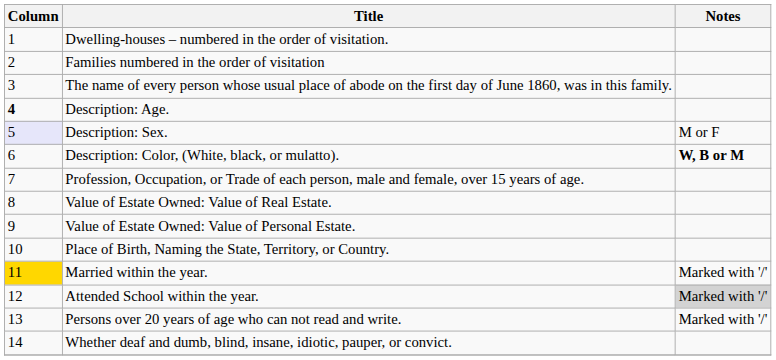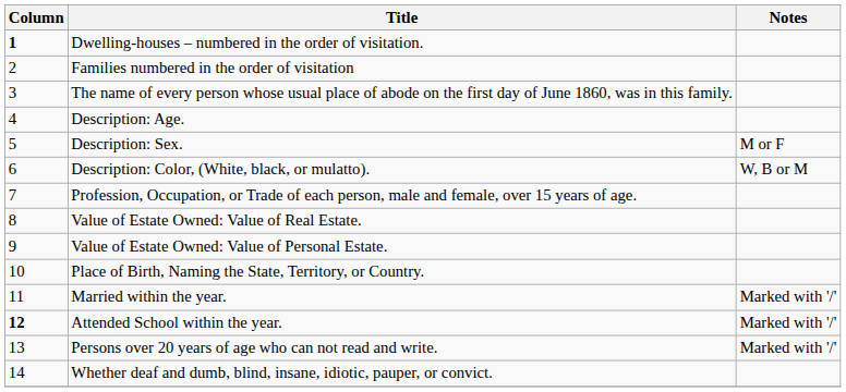 <table border="1" class="wikitable">
 <tr>
 <th>Column</th>
 <th>Title</th>
 <th>Notes</th>
 </tr>
 <tr>
-<td>1</td>
+<td><strong>1</strong></td>
 <td>Dwelling-houses – numbered in the order of visitation.</td>
 <td></td>
 </tr>
 <tr>
 <td>2</td>
 <td>Families numbered in the order of visitation</td>
 <td></td>
 </tr>
 <tr>
 <td>3</td>
 <td>The name of every person whose usual place of abode on the first day of June 1860, was in this family.</td>
 <td></td>
 </tr>
 <tr>
-<td><strong>4</strong></td>
+<td>4</td>
 <td>Description: Age.</td>
 <td></td>
 </tr>
 <tr>
-<td style="background: lavender;">5</td>
+<td>5</td>
 <td>Description: Sex.</td>
 <td>M or F</td>
 </tr>
 <tr>
 <td>6</td>
 <td>Description: Color, (White, black, or mulatto).</td>
-<td><strong>W, B or M</strong></td>
+<td>W, B or M</td>
 </tr>
 <tr>
 <td>7</td>
 <td>Profession, Occupation, or Trade of each person, male and female, over 15 years of age.</td>
 <td></td>
 </tr>
 <tr>
 <td>8</td>
 <td>Value of Estate Owned: Value of Real Estate.</td>
 <td></td>
 </tr>
 <tr>
 <td>9</td>
 <td>Value of Estate Owned: Value of Personal Estate.</td>
 <td></td>
 </tr>
 <tr>
 <td>10</td>
 <td>Place of Birth, Naming the State, Territory, or Country.</td>
 <td></td>
 </tr>
 <tr>
-<td style="background: gold;">11</td>
+<td>11</td>
 <td>Married within the year.</td>
 <td>Marked with '/'</td>
 </tr>
 <tr>
-<td>12</td>
+<td><strong>12</strong></td>
 <td>Attended School within the year.</td>
-<td style="background: lightgrey;">Marked with '/'</td>
+<td>Marked with '/'</td>
 </tr>
 <tr>
 <td>13</td>
 <td>Persons over 20 years of age who can not read and write.</td>
 <td>Marked with '/'</td>
 </tr>
 <tr>
 <td>14</td>
 <td>Whether deaf and dumb, blind, insane, idiotic, pauper, or convict.</td>
 <td></td>
 </tr>
 <tr>
 </tr>
 </table>
